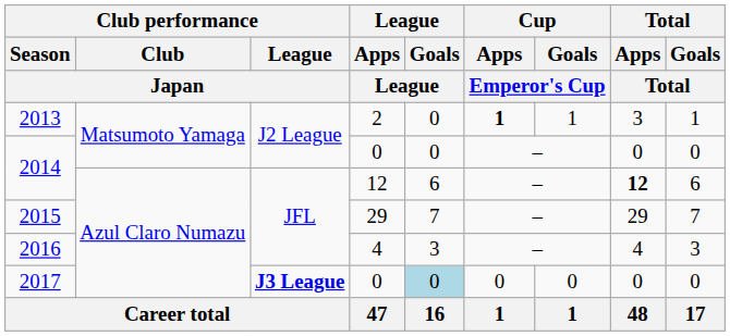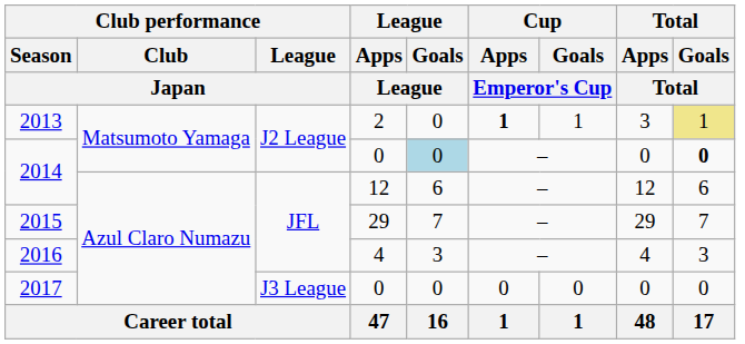 <table class="wikitable" style="text-align:center">
 <tr>
 <th colspan="3">Club performance</th>
 <th colspan="2">League</th>
 <th colspan="2">Cup</th>
 <th colspan="2">Total</th>
 </tr>
 <tr>
 <th>Season</th>
 <th>Club</th>
 <th>League</th>
 <th>Apps</th>
 <th>Goals</th>
 <th>Apps</th>
 <th>Goals</th>
 <th>Apps</th>
 <th>Goals</th>
 </tr>
 <tr>
 <th colspan="3">Japan</th>
 <th colspan="2">League</th>
 <th colspan="2"><a href='#'>Emperor's Cup</a></th>
 <th colspan="2">Total</th>
 </tr>
 <tr>
 <td><a href='#'>2013</a></td>
 <td rowspan="2"><a href='#'>Matsumoto Yamaga</a></td>
 <td rowspan="2"><a href='#'>J2 League</a></td>
 <td>2</td>
 <td>0</td>
 <td><strong>1</strong></td>
 <td>1</td>
 <td>3</td>
-<td>1</td>
+<td style="background: khaki;">1</td>
 </tr>
 <tr>
 <td rowspan="2"><a href='#'>2014</a></td>
 <td>0</td>
-<td>0</td>
+<td style="background: lightblue;">0</td>
 <td colspan="2">–</td>
 <td>0</td>
-<td>0</td>
+<td><strong>0</strong></td>
 </tr>
 <tr>
 <td rowspan="4"><a href='#'>Azul Claro Numazu</a></td>
 <td rowspan="3"><a href='#'>JFL</a></td>
 <td>12</td>
 <td>6</td>
 <td colspan="2">–</td>
-<td><strong>12</strong></td>
+<td>12</td>
 <td>6</td>
 </tr>
 <tr>
 <td><a href='#'>2015</a></td>
 <td>29</td>
 <td>7</td>
 <td colspan="2">–</td>
 <td>29</td>
 <td>7</td>
 </tr>
 <tr>
 <td><a href='#'>2016</a></td>
 <td>4</td>
 <td>3</td>
 <td colspan="2">–</td>
 <td>4</td>
 <td>3</td>
 </tr>
 <tr>
 <td><a href='#'>2017</a></td>
-<td><strong><a href='#'>J3 League</a></strong></td>
+<td><a href='#'>J3 League</a></td>
 <td>0</td>
-<td style="background: lightblue;">0</td>
+<td>0</td>
 <td>0</td>
 <td>0</td>
 <td>0</td>
 <td>0</td>
 </tr>
 <tr>
 <th colspan=3>Career total</th>
 <th>47</th>
 <th>16</th>
 <th>1</th>
 <th>1</th>
 <th>48</th>
 <th>17</th>
 </tr>
 </table>
